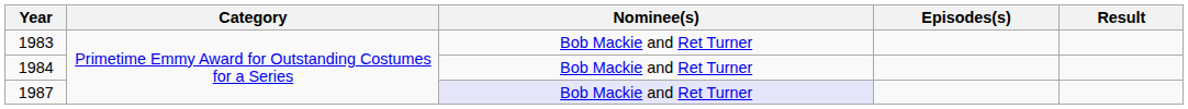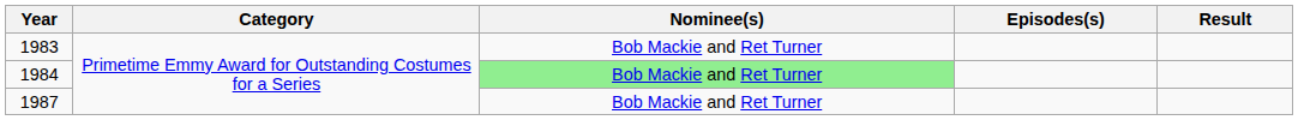 <table class="wikitable plainrowheaders" style="font-size: 90%; text-align:center" width=85%>
 <tr>
 <th scope="col" width="5%">Year</th>
 <th scope="col" width="30%">Category</th>
 <th scope="col" width="35%">Nominee(s)</th>
 <th scope="col" width="15%">Episodes(s)</th>
 <th scope="col" width="10%">Result</th>
 </tr>
 <tr>
 <td rowspan="1">1983</td>
 <td rowspan=3><a href='#'>Primetime Emmy Award for Outstanding Costumes for a Series</a></td>
 <td colspan="1"><a href='#'>Bob Mackie</a> and <a href='#'>Ret Turner</a></td>
 <td></td>
 <td></td>
 </tr>
 <tr>
 <td rowspan="1">1984</td>
-<td colspan="1"><a href='#'>Bob Mackie</a> and <a href='#'>Ret Turner</a></td>
+<td colspan="1" style="background: lightgreen;"><a href='#'>Bob Mackie</a> and <a href='#'>Ret Turner</a></td>
 <td></td>
 <td></td>
 </tr>
 <tr>
 <td rowspan="1">1987</td>
-<td colspan="1" style="background: lavender;"><a href='#'>Bob Mackie</a> and <a href='#'>Ret Turner</a></td>
+<td colspan="1"><a href='#'>Bob Mackie</a> and <a href='#'>Ret Turner</a></td>
 <td></td>
 <td></td>
 </tr>
 </table>
